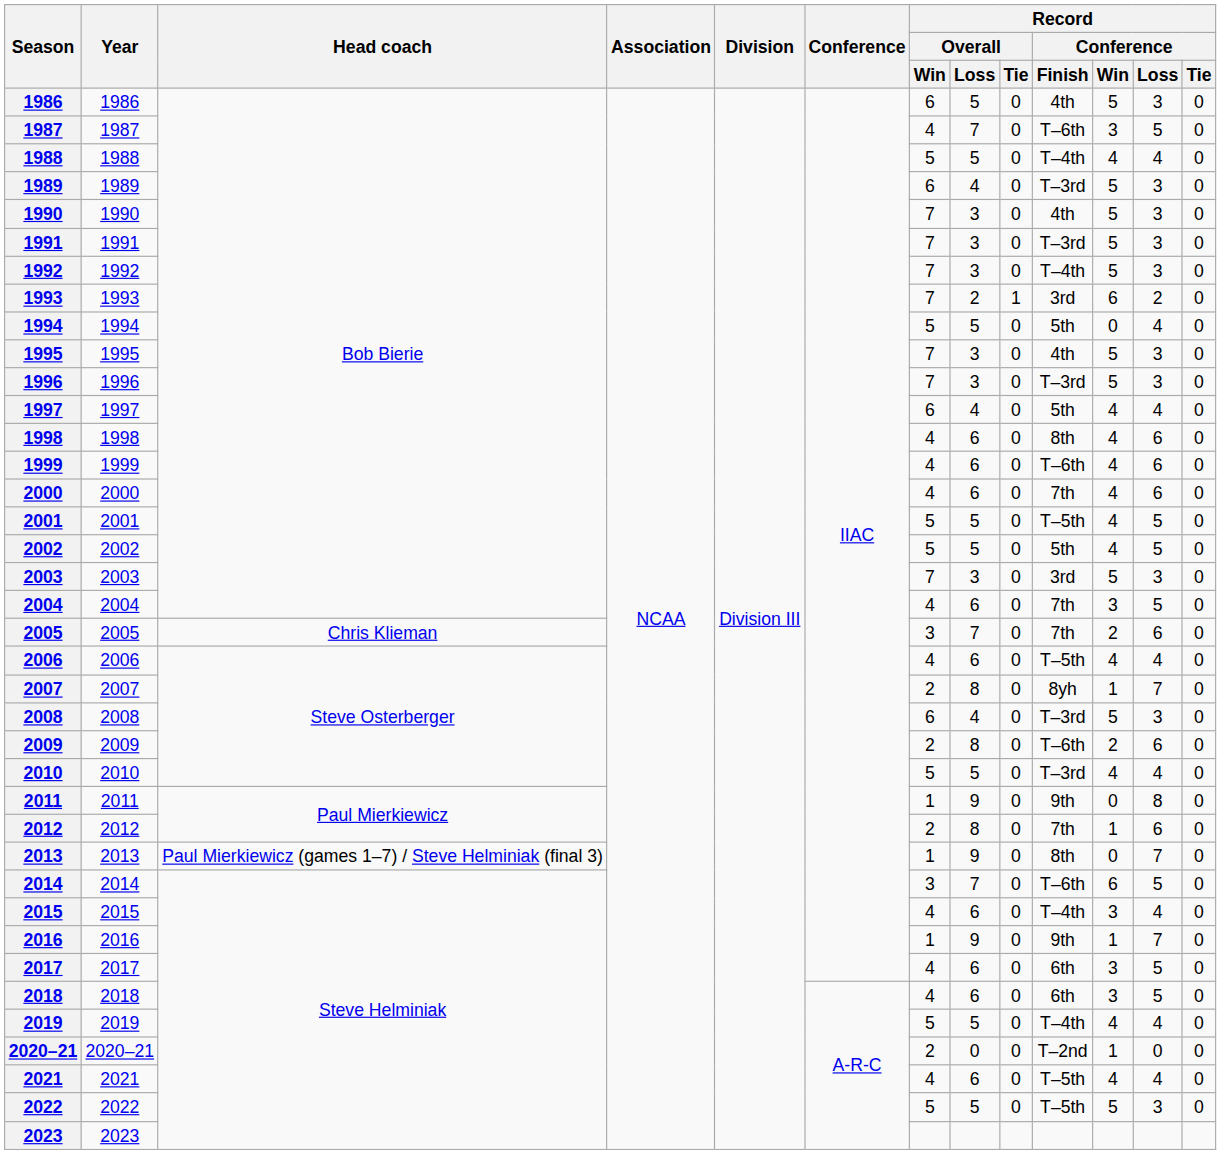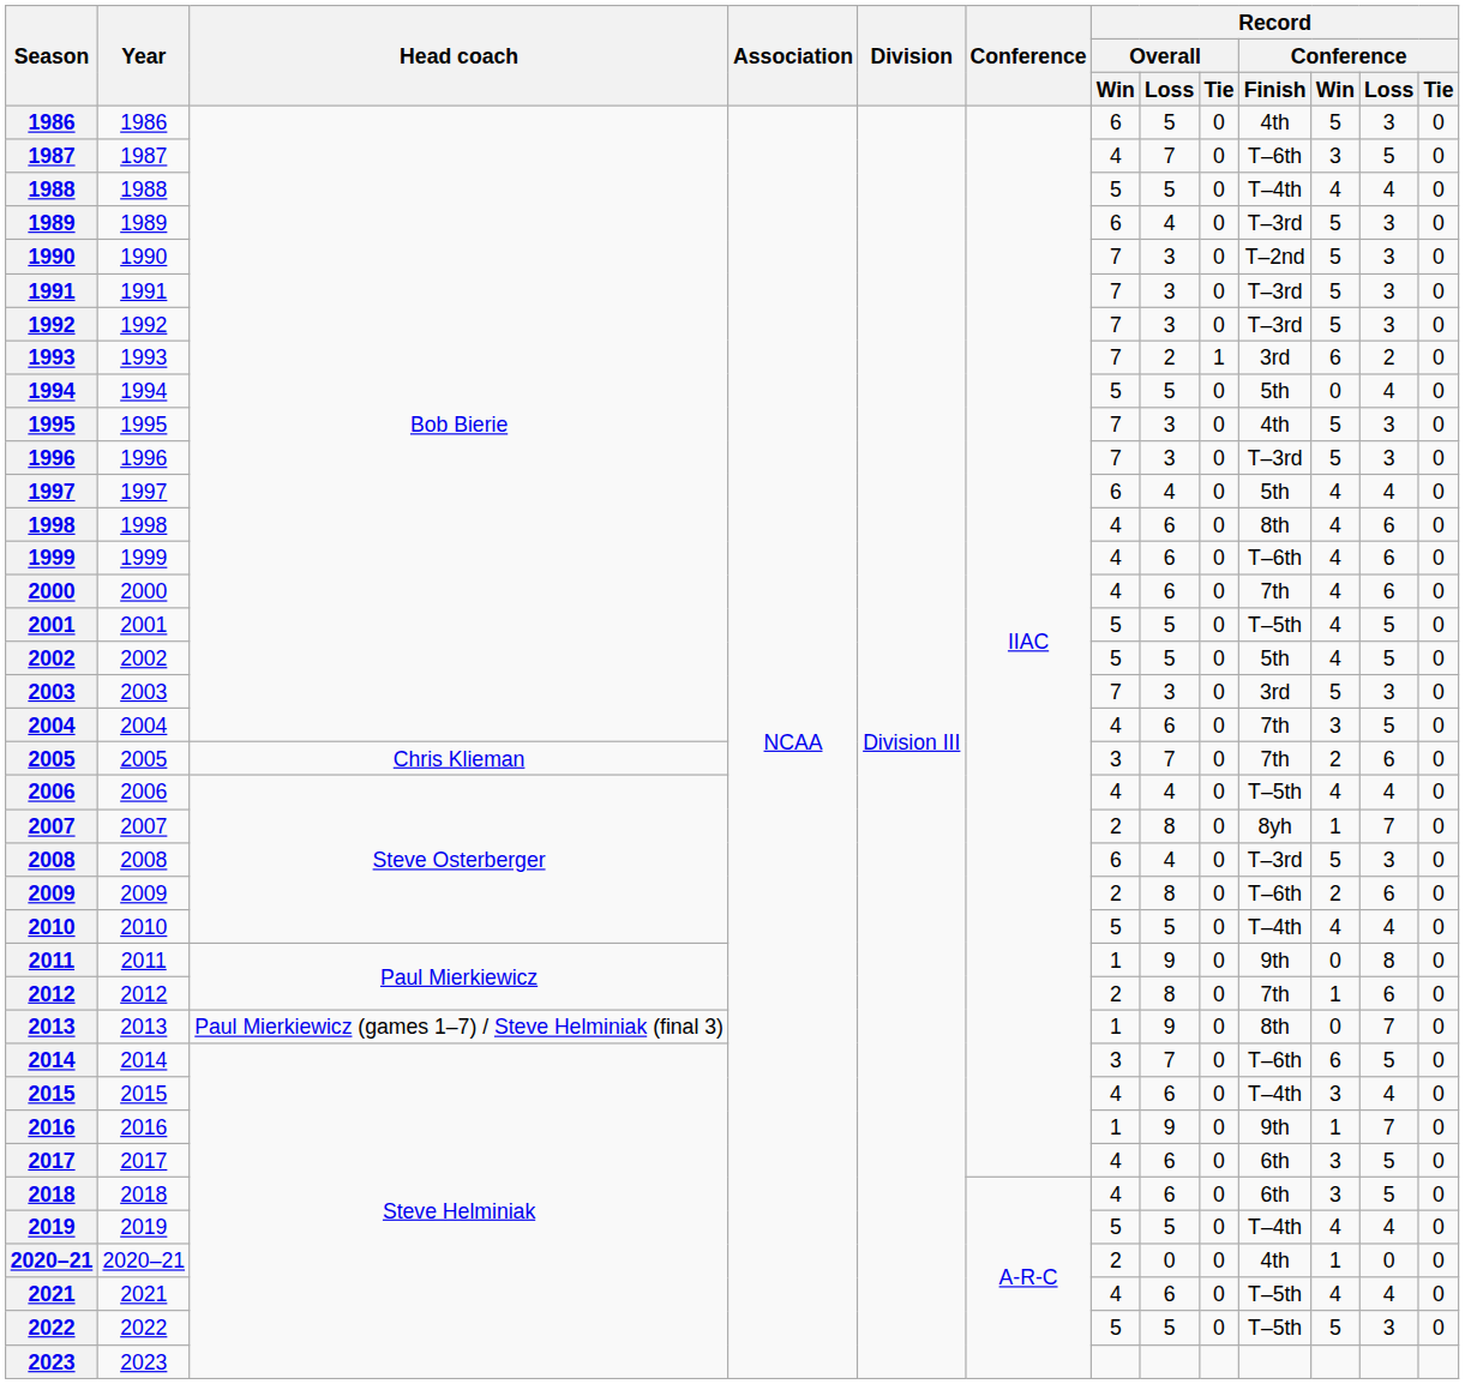 <table class="wikitable" style="font-size: 95%; width: %;text-align:center;">
 <tr>
 <th rowspan="3">Season</th>
 <th rowspan="3">Year</th>
 <th rowspan="3">Head coach</th>
 <th rowspan="3">Association</th>
 <th rowspan="3">Division</th>
 <th rowspan="3">Conference</th>
 <th colspan="7">Record</th>
 </tr>
 <tr>
 <th colspan="3">Overall</th>
 <th colspan="4">Conference</th>
 </tr>
 <tr>
 <th>Win</th>
 <th>Loss</th>
 <th>Tie</th>
 <th>Finish</th>
 <th>Win</th>
 <th>Loss</th>
 <th>Tie</th>
 </tr>
 <tr>
 <th><a href='#'>1986</a></th>
 <td><a href='#'>1986</a></td>
 <td rowspan="19"><a href='#'>Bob Bierie</a></td>
 <td rowspan="38"><a href='#'>NCAA</a></td>
 <td rowspan="38"><a href='#'>Division III</a></td>
 <td rowspan="32"><a href='#'>IIAC</a></td>
 <td>6</td>
 <td>5</td>
 <td>0</td>
 <td>4th</td>
 <td>5</td>
 <td>3</td>
 <td>0</td>
 </tr>
 <tr>
 <th><a href='#'>1987</a></th>
 <td><a href='#'>1987</a></td>
 <td>4</td>
 <td>7</td>
 <td>0</td>
 <td>T–6th</td>
 <td>3</td>
 <td>5</td>
 <td>0</td>
 </tr>
 <tr>
 <th><a href='#'>1988</a></th>
 <td><a href='#'>1988</a></td>
 <td>5</td>
 <td>5</td>
 <td>0</td>
 <td>T–4th</td>
 <td>4</td>
 <td>4</td>
 <td>0</td>
 </tr>
 <tr>
 <th><a href='#'>1989</a></th>
 <td><a href='#'>1989</a></td>
 <td>6</td>
 <td>4</td>
 <td>0</td>
 <td>T–3rd</td>
 <td>5</td>
 <td>3</td>
 <td>0</td>
 </tr>
 <tr>
 <th><a href='#'>1990</a></th>
 <td><a href='#'>1990</a></td>
 <td>7</td>
 <td>3</td>
 <td>0</td>
-<td>4th</td>
+<td>T–2nd</td>
 <td>5</td>
 <td>3</td>
 <td>0</td>
 </tr>
 <tr>
 <th><a href='#'>1991</a></th>
 <td><a href='#'>1991</a></td>
 <td>7</td>
 <td>3</td>
 <td>0</td>
 <td>T–3rd</td>
 <td>5</td>
 <td>3</td>
 <td>0</td>
 </tr>
 <tr>
 <th><a href='#'>1992</a></th>
 <td><a href='#'>1992</a></td>
 <td>7</td>
 <td>3</td>
 <td>0</td>
-<td>T–4th</td>
+<td>T–3rd</td>
 <td>5</td>
 <td>3</td>
 <td>0</td>
 </tr>
 <tr>
 <th><a href='#'>1993</a></th>
 <td><a href='#'>1993</a></td>
 <td>7</td>
 <td>2</td>
 <td>1</td>
 <td>3rd</td>
 <td>6</td>
 <td>2</td>
 <td>0</td>
 </tr>
 <tr>
 <th><a href='#'>1994</a></th>
 <td><a href='#'>1994</a></td>
 <td>5</td>
 <td>5</td>
 <td>0</td>
 <td>5th</td>
 <td>0</td>
 <td>4</td>
 <td>0</td>
 </tr>
 <tr>
 <th><a href='#'>1995</a></th>
 <td><a href='#'>1995</a></td>
 <td>7</td>
 <td>3</td>
 <td>0</td>
 <td>4th</td>
 <td>5</td>
 <td>3</td>
 <td>0</td>
 </tr>
 <tr>
 <th><a href='#'>1996</a></th>
 <td><a href='#'>1996</a></td>
 <td>7</td>
 <td>3</td>
 <td>0</td>
 <td>T–3rd</td>
 <td>5</td>
 <td>3</td>
 <td>0</td>
 </tr>
 <tr>
 <th><a href='#'>1997</a></th>
 <td><a href='#'>1997</a></td>
 <td>6</td>
 <td>4</td>
 <td>0</td>
 <td>5th</td>
 <td>4</td>
 <td>4</td>
 <td>0</td>
 </tr>
 <tr>
 <th><a href='#'>1998</a></th>
 <td><a href='#'>1998</a></td>
 <td>4</td>
 <td>6</td>
 <td>0</td>
 <td>8th</td>
 <td>4</td>
 <td>6</td>
 <td>0</td>
 </tr>
 <tr>
 <th><a href='#'>1999</a></th>
 <td><a href='#'>1999</a></td>
 <td>4</td>
 <td>6</td>
 <td>0</td>
 <td>T–6th</td>
 <td>4</td>
 <td>6</td>
 <td>0</td>
 </tr>
 <tr>
 <th><a href='#'>2000</a></th>
 <td><a href='#'>2000</a></td>
 <td>4</td>
 <td>6</td>
 <td>0</td>
 <td>7th</td>
 <td>4</td>
 <td>6</td>
 <td>0</td>
 </tr>
 <tr>
 <th><a href='#'>2001</a></th>
 <td><a href='#'>2001</a></td>
 <td>5</td>
 <td>5</td>
 <td>0</td>
 <td>T–5th</td>
 <td>4</td>
 <td>5</td>
 <td>0</td>
 </tr>
 <tr>
 <th><a href='#'>2002</a></th>
 <td><a href='#'>2002</a></td>
 <td>5</td>
 <td>5</td>
 <td>0</td>
 <td>5th</td>
 <td>4</td>
 <td>5</td>
 <td>0</td>
 </tr>
 <tr>
 <th><a href='#'>2003</a></th>
 <td><a href='#'>2003</a></td>
 <td>7</td>
 <td>3</td>
 <td>0</td>
 <td>3rd</td>
 <td>5</td>
 <td>3</td>
 <td>0</td>
 </tr>
 <tr>
 <th><a href='#'>2004</a></th>
 <td><a href='#'>2004</a></td>
 <td>4</td>
 <td>6</td>
 <td>0</td>
 <td>7th</td>
 <td>3</td>
 <td>5</td>
 <td>0</td>
 </tr>
 <tr>
 <th><a href='#'>2005</a></th>
 <td><a href='#'>2005</a></td>
 <td><a href='#'>Chris Klieman</a></td>
 <td>3</td>
 <td>7</td>
 <td>0</td>
 <td>7th</td>
 <td>2</td>
 <td>6</td>
 <td>0</td>
 </tr>
 <tr>
 <th><a href='#'>2006</a></th>
 <td><a href='#'>2006</a></td>
 <td rowspan="5"><a href='#'>Steve Osterberger</a></td>
 <td>4</td>
-<td>6</td>
+<td>4</td>
 <td>0</td>
 <td>T–5th</td>
 <td>4</td>
 <td>4</td>
 <td>0</td>
 </tr>
 <tr>
 <th><a href='#'>2007</a></th>
 <td><a href='#'>2007</a></td>
 <td>2</td>
 <td>8</td>
 <td>0</td>
 <td>8yh</td>
 <td>1</td>
 <td>7</td>
 <td>0</td>
 </tr>
 <tr>
 <th><a href='#'>2008</a></th>
 <td><a href='#'>2008</a></td>
 <td>6</td>
 <td>4</td>
 <td>0</td>
 <td>T–3rd</td>
 <td>5</td>
 <td>3</td>
 <td>0</td>
 </tr>
 <tr>
 <th><a href='#'>2009</a></th>
 <td><a href='#'>2009</a></td>
 <td>2</td>
 <td>8</td>
 <td>0</td>
 <td>T–6th</td>
 <td>2</td>
 <td>6</td>
 <td>0</td>
 </tr>
 <tr>
 <th><a href='#'>2010</a></th>
 <td><a href='#'>2010</a></td>
 <td>5</td>
 <td>5</td>
 <td>0</td>
-<td>T–3rd</td>
+<td>T–4th</td>
 <td>4</td>
 <td>4</td>
 <td>0</td>
 </tr>
 <tr>
 <th><a href='#'>2011</a></th>
 <td><a href='#'>2011</a></td>
 <td rowspan="2"><a href='#'>Paul Mierkiewicz</a></td>
 <td>1</td>
 <td>9</td>
 <td>0</td>
 <td>9th</td>
 <td>0</td>
 <td>8</td>
 <td>0</td>
 </tr>
 <tr>
 <th><a href='#'>2012</a></th>
 <td><a href='#'>2012</a></td>
 <td>2</td>
 <td>8</td>
 <td>0</td>
 <td>7th</td>
 <td>1</td>
 <td>6</td>
 <td>0</td>
 </tr>
 <tr>
 <th><a href='#'>2013</a></th>
 <td><a href='#'>2013</a></td>
 <td><a href='#'>Paul Mierkiewicz</a> (games 1–7) / <a href='#'>Steve Helminiak</a> (final 3)</td>
 <td>1</td>
 <td>9</td>
 <td>0</td>
 <td>8th</td>
 <td>0</td>
 <td>7</td>
 <td>0</td>
 </tr>
 <tr>
 <th><a href='#'>2014</a></th>
 <td><a href='#'>2014</a></td>
 <td rowspan="10"><a href='#'>Steve Helminiak</a></td>
 <td>3</td>
 <td>7</td>
 <td>0</td>
 <td>T–6th</td>
 <td>6</td>
 <td>5</td>
 <td>0</td>
 </tr>
 <tr>
 <th><a href='#'>2015</a></th>
 <td><a href='#'>2015</a></td>
 <td>4</td>
 <td>6</td>
 <td>0</td>
 <td>T–4th</td>
 <td>3</td>
 <td>4</td>
 <td>0</td>
 </tr>
 <tr>
 <th><a href='#'>2016</a></th>
 <td><a href='#'>2016</a></td>
 <td>1</td>
 <td>9</td>
 <td>0</td>
 <td>9th</td>
 <td>1</td>
 <td>7</td>
 <td>0</td>
 </tr>
 <tr>
 <th><a href='#'>2017</a></th>
 <td><a href='#'>2017</a></td>
 <td>4</td>
 <td>6</td>
 <td>0</td>
 <td>6th</td>
 <td>3</td>
 <td>5</td>
 <td>0</td>
 </tr>
 <tr>
 <th><a href='#'>2018</a></th>
 <td><a href='#'>2018</a></td>
 <td rowspan="6"><a href='#'>A-R-C</a></td>
 <td>4</td>
 <td>6</td>
 <td>0</td>
 <td>6th</td>
 <td>3</td>
 <td>5</td>
 <td>0</td>
 </tr>
 <tr>
 <th><a href='#'>2019</a></th>
 <td><a href='#'>2019</a></td>
 <td>5</td>
 <td>5</td>
 <td>0</td>
 <td>T–4th</td>
 <td>4</td>
 <td>4</td>
 <td>0</td>
 </tr>
 <tr>
 <th><a href='#'>2020–21</a></th>
 <td><a href='#'>2020–21</a></td>
 <td>2</td>
 <td>0</td>
 <td>0</td>
-<td>T–2nd</td>
+<td>4th</td>
 <td>1</td>
 <td>0</td>
 <td>0</td>
 </tr>
 <tr>
 <th><a href='#'>2021</a></th>
 <td><a href='#'>2021</a></td>
 <td>4</td>
 <td>6</td>
 <td>0</td>
 <td>T–5th</td>
 <td>4</td>
 <td>4</td>
 <td>0</td>
 </tr>
 <tr>
 <th><a href='#'>2022</a></th>
 <td><a href='#'>2022</a></td>
 <td>5</td>
 <td>5</td>
 <td>0</td>
 <td>T–5th</td>
 <td>5</td>
 <td>3</td>
 <td>0</td>
 </tr>
 <tr>
 <th><a href='#'>2023</a></th>
 <td><a href='#'>2023</a></td>
 <td></td>
 <td></td>
 <td></td>
 <td></td>
 <td></td>
 <td></td>
 <td></td>
 </tr>
 </table>
